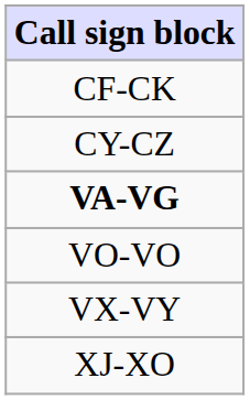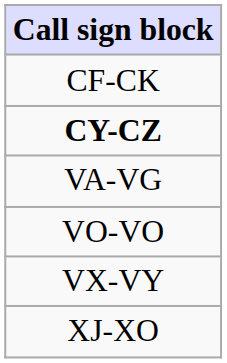 <table class=wikitable style="margin: 1em auto 1em auto;">
 <tr>
 <th style="background: #ddddff;">Call sign block</th>
 </tr>
 <tr>
 <td align="center">CF-CK</td>
 </tr>
 <tr>
-<td align="center">CY-CZ</td>
+<td align="center"><strong>CY-CZ</strong></td>
 </tr>
 <tr>
-<td align="center"><strong>VA-VG</strong></td>
+<td align="center">VA-VG</td>
 </tr>
 <tr>
 <td align="center">VO-VO</td>
 </tr>
 <tr>
 <td align="center">VX-VY</td>
 </tr>
 <tr>
 <td align="center">XJ-XO</td>
 </tr>
 </table>
